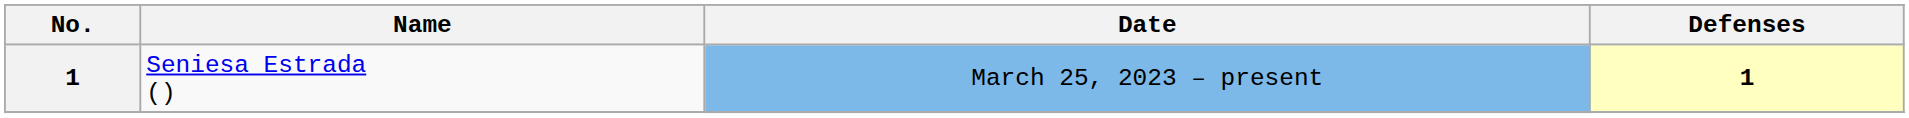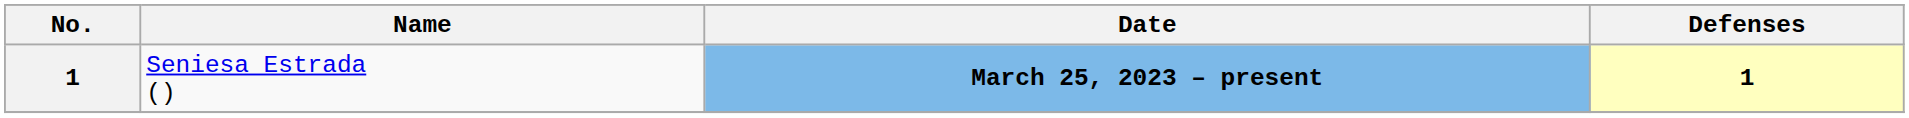 <table class="wikitable sortable" style="width:80%;">
 <tr>
 <th>No.</th>
 <th>Name</th>
 <th>Date</th>
 <th>Defenses</th>
 </tr>
 <tr align=center>
 <th>1</th>
 <td align=left> <a href='#'>Seniesa Estrada</a><br>()</td>
-<td style="background:#7CB9E8;">March 25, 2023 – present</td>
+<td style="background:#7CB9E8;"><strong>March 25, 2023 – present</strong></td>
 <td style="background:#ffffbf;"><strong>1</strong></td>
 </tr>
 <tr>
 </tr>
 </table>
